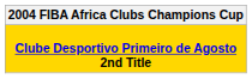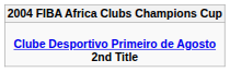 <table class=wikitable style="text-align:center; margin:auto">
 <tr>
 <th>2004 FIBA Africa Clubs Champions Cup</th>
 </tr>
 <tr>
-<td style="background: gold;"><br><strong><a href='#'>Clube Desportivo Primeiro de Agosto</a></strong><br><strong>2nd Title</strong></td>
+<td><br><strong><a href='#'>Clube Desportivo Primeiro de Agosto</a></strong><br><strong>2nd Title</strong></td>
 </tr>
 </table>
